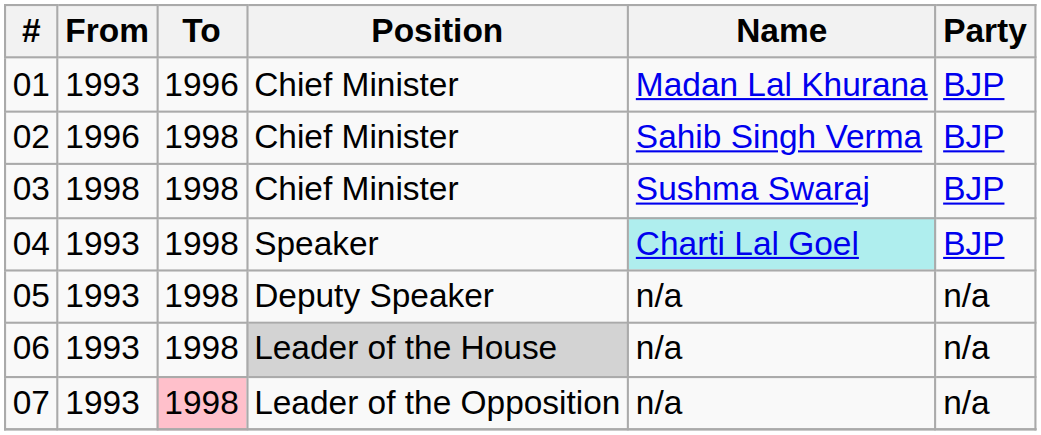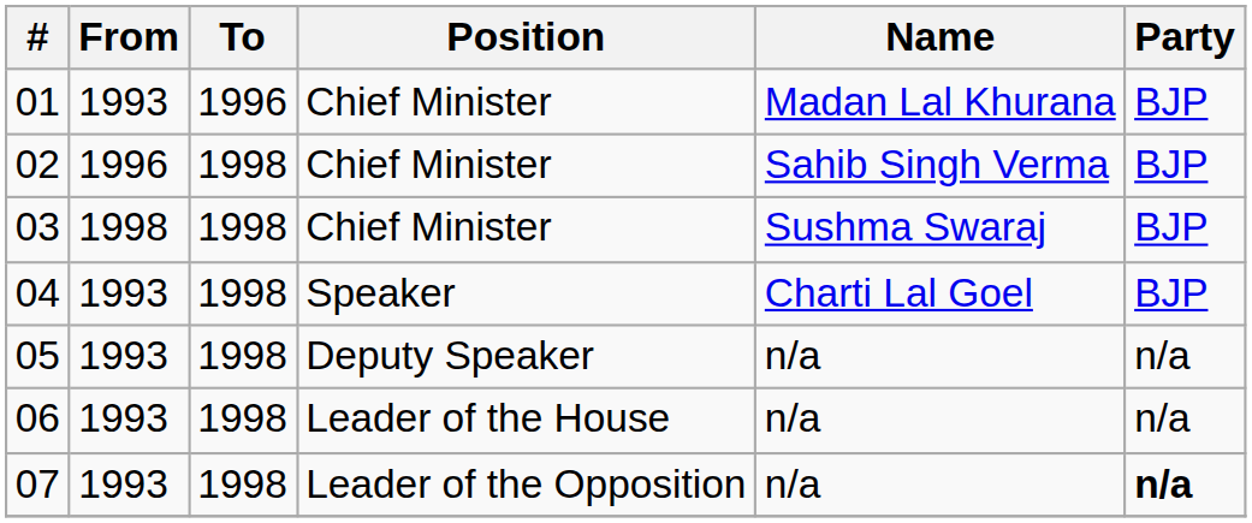 <table class="wikitable sortable">
 <tr>
 <th>#</th>
 <th>From</th>
 <th>To</th>
 <th>Position</th>
 <th>Name</th>
 <th>Party</th>
 </tr>
 <tr>
 <td>01</td>
 <td>1993</td>
 <td>1996</td>
 <td>Chief Minister</td>
 <td><a href='#'>Madan Lal Khurana</a></td>
 <td><a href='#'>BJP</a></td>
 </tr>
 <tr>
 <td>02</td>
 <td>1996</td>
 <td>1998</td>
 <td>Chief Minister</td>
 <td><a href='#'>Sahib Singh Verma</a></td>
 <td><a href='#'>BJP</a></td>
 </tr>
 <tr>
 <td>03</td>
 <td>1998</td>
 <td>1998</td>
 <td>Chief Minister</td>
 <td><a href='#'>Sushma Swaraj</a></td>
 <td><a href='#'>BJP</a></td>
 </tr>
 <tr>
 <td>04</td>
 <td>1993</td>
 <td>1998</td>
 <td>Speaker</td>
-<td style="background: paleturquoise;"><a href='#'>Charti Lal Goel</a></td>
+<td><a href='#'>Charti Lal Goel</a></td>
 <td><a href='#'>BJP</a></td>
 </tr>
 <tr>
 <td>05</td>
 <td>1993</td>
 <td>1998</td>
 <td>Deputy Speaker</td>
 <td>n/a</td>
 <td>n/a</td>
 </tr>
 <tr>
 <td>06</td>
 <td>1993</td>
 <td>1998</td>
-<td style="background: lightgrey;">Leader of the House</td>
+<td>Leader of the House</td>
 <td>n/a</td>
 <td>n/a</td>
 </tr>
 <tr>
 <td>07</td>
 <td>1993</td>
-<td style="background: pink;">1998</td>
+<td>1998</td>
 <td>Leader of the Opposition</td>
 <td>n/a</td>
-<td>n/a</td>
+<td><strong>n/a</strong></td>
 </tr>
 <tr>
 </tr>
 </table>
